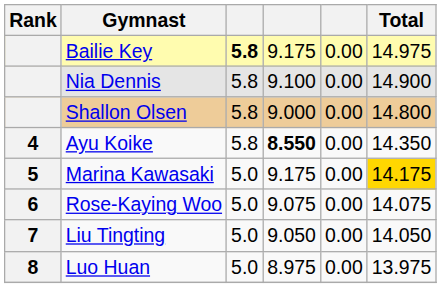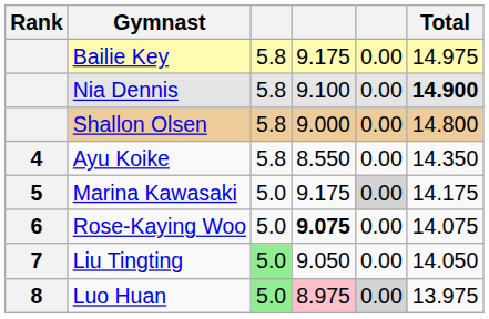 <table class="wikitable sortable" style="text-align:center; font-size:95%">
 <tr>
 <th scope=col>Rank</th>
 <th scope=col>Gymnast</th>
 <th scope=col></th>
 <th scope=col></th>
 <th scope=col></th>
 <th scope=col>Total</th>
 </tr>
 <tr bgcolor=fffcaf>
 <th scope=row style="text-align:center"></th>
 <td align=left><a href='#'>Bailie Key</a><br></td>
-<td><strong>5.8</strong></td>
+<td>5.8</td>
 <td>9.175</td>
 <td>0.00</td>
 <td>14.975</td>
 </tr>
 <tr bgcolor=e5e5e5>
 <th scope=row style="text-align:center"></th>
 <td align=left><a href='#'>Nia Dennis</a><br></td>
 <td>5.8</td>
 <td>9.100</td>
 <td>0.00</td>
-<td>14.900</td>
+<td><strong>14.900</strong></td>
 </tr>
 <tr bgcolor=eecc99>
 <th scope=row style="text-align:center"></th>
 <td align=left><a href='#'>Shallon Olsen</a><br></td>
 <td>5.8</td>
 <td>9.000</td>
 <td>0.00</td>
 <td>14.800</td>
 </tr>
 <tr>
 <th scope=row style="text-align:center">4</th>
 <td align=left><a href='#'>Ayu Koike</a><br></td>
 <td>5.8</td>
-<td><strong>8.550</strong></td>
+<td>8.550</td>
 <td>0.00</td>
 <td>14.350</td>
 </tr>
 <tr>
 <th scope=row style="text-align:center">5</th>
 <td align=left><a href='#'>Marina Kawasaki</a><br></td>
 <td>5.0</td>
 <td>9.175</td>
-<td>0.00</td>
-<td style="background: gold;">14.175</td>
+<td style="background: lightgrey;">0.00</td>
+<td>14.175</td>
 </tr>
 <tr>
 <th scope=row style="text-align:center">6</th>
 <td align=left><a href='#'>Rose-Kaying Woo</a><br></td>
 <td>5.0</td>
-<td>9.075</td>
+<td><strong>9.075</strong></td>
 <td>0.00</td>
 <td>14.075</td>
 </tr>
 <tr>
 <th scope=row style="text-align:center">7</th>
 <td align=left><a href='#'>Liu Tingting</a><br></td>
-<td>5.0</td>
+<td style="background: lightgreen;">5.0</td>
 <td>9.050</td>
 <td>0.00</td>
 <td>14.050</td>
 </tr>
 <tr>
 <th scope=row style="text-align:center">8</th>
 <td align=left><a href='#'>Luo Huan</a><br></td>
-<td>5.0</td>
-<td>8.975</td>
-<td>0.00</td>
+<td style="background: lightgreen;">5.0</td>
+<td style="background: pink;">8.975</td>
+<td style="background: lightgrey;">0.00</td>
 <td>13.975</td>
 </tr>
 <tr>
 </tr>
 </table>
